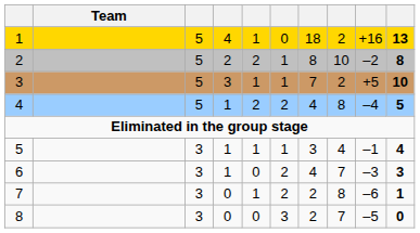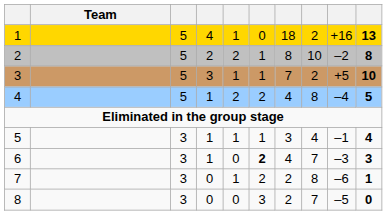 <table class="wikitable" style="text-align: center;">
 <tr>
 <th width=25></th>
 <th width=165>Team</th>
 <th width=25></th>
 <th width=25></th>
 <th width=25></th>
 <th width=25></th>
 <th width=25></th>
 <th width=25></th>
 <th width=25></th>
 <th width=25></th>
 </tr>
 <tr style="background:gold;">
 <td>1</td>
 <td style="text-align:left;"></td>
 <td>5</td>
 <td>4</td>
 <td>1</td>
 <td>0</td>
 <td>18</td>
 <td>2</td>
 <td>+16</td>
 <td><strong>13</strong></td>
 </tr>
 <tr style="background:silver;">
 <td>2</td>
 <td style="text-align:left;"></td>
 <td>5</td>
 <td>2</td>
 <td>2</td>
 <td>1</td>
 <td>8</td>
 <td>10</td>
 <td>–2</td>
 <td><strong>8</strong></td>
 </tr>
 <tr style="background:#cc9966;">
 <td>3</td>
 <td style="text-align:left;"></td>
 <td>5</td>
 <td>3</td>
 <td>1</td>
 <td>1</td>
 <td>7</td>
 <td>2</td>
 <td>+5</td>
 <td><strong>10</strong></td>
 </tr>
 <tr style="background:#9acdff;">
 <td>4</td>
 <td style="text-align:left;"></td>
 <td>5</td>
 <td>1</td>
 <td>2</td>
 <td>2</td>
 <td>4</td>
 <td>8</td>
 <td>–4</td>
 <td><strong>5</strong></td>
 </tr>
 <tr>
 <td colspan=10><strong>Eliminated in the group stage</strong></td>
 </tr>
 <tr align=center>
 <td>5</td>
 <td style="text-align:left;"></td>
 <td>3</td>
 <td>1</td>
 <td>1</td>
 <td>1</td>
 <td>3</td>
 <td>4</td>
 <td>–1</td>
 <td><strong>4</strong></td>
 </tr>
 <tr align=center>
 <td>6</td>
 <td style="text-align:left;"></td>
 <td>3</td>
 <td>1</td>
 <td>0</td>
-<td>2</td>
+<td><strong>2</strong></td>
 <td>4</td>
 <td>7</td>
 <td>–3</td>
 <td><strong>3</strong></td>
 </tr>
 <tr align=center>
 <td>7</td>
 <td style="text-align:left;"></td>
 <td>3</td>
 <td>0</td>
 <td>1</td>
 <td>2</td>
 <td>2</td>
 <td>8</td>
 <td>–6</td>
 <td><strong>1</strong></td>
 </tr>
 <tr align=center>
 <td>8</td>
 <td style="text-align:left;"></td>
 <td>3</td>
 <td>0</td>
 <td>0</td>
 <td>3</td>
 <td>2</td>
 <td>7</td>
 <td>–5</td>
 <td><strong>0</strong></td>
 </tr>
 </table>
